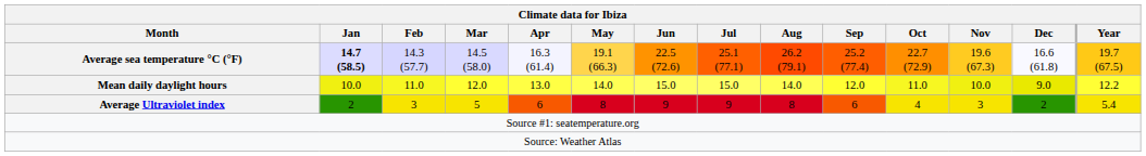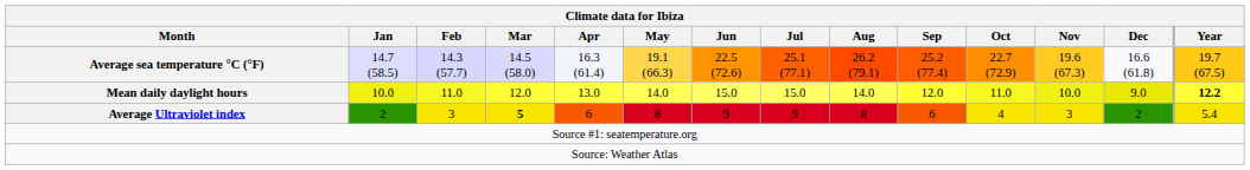 <table style="width:100%;text-align:center;line-height:1.2em;margin-left:auto;margin-right:auto" class="wikitable mw-collapsible">
 <tr>
 <th Colspan=14>Climate data for Ibiza</th>
 </tr>
 <tr>
 <th>Month</th>
 <th>Jan</th>
 <th>Feb</th>
 <th>Mar</th>
 <th>Apr</th>
 <th>May</th>
 <th>Jun</th>
 <th>Jul</th>
 <th>Aug</th>
 <th>Sep</th>
 <th>Oct</th>
 <th>Nov</th>
 <th>Dec</th>
 <th style="border-left-width:medium">Year</th>
 </tr>
 <tr>
 <th>Average sea temperature °C (°F)</th>
-<td style="background:#DCDCFF;color:#000000;"><strong>14.7<br>(58.5)</strong></td>
+<td style="background:#DCDCFF;color:#000000;">14.7<br>(58.5)</td>
 <td style="background:#D6D6FF;color:#000000;">14.3<br>(57.7)</td>
 <td style="background:#D9D9FF;color:#000000;">14.5<br>(58.0)</td>
 <td style="background:#F4F4FF;color:#000000;">16.3<br>(61.4)</td>
 <td style="background:#FFD54C;color:#000000;">19.1<br>(66.3)</td>
 <td style="background:#FF9300;color:#000000;">22.5<br>(72.6)</td>
 <td style="background:#FF6000;color:#000000;">25.1<br>(77.1)</td>
 <td style="background:#FF4A00;color:#000000;">26.2<br>(79.1)</td>
 <td style="background:#FF5E00;color:#000000;">25.2<br>(77.4)</td>
 <td style="background:#FF8F00;color:#000000;">22.7<br>(72.9)</td>
 <td style="background:#FFCB21;color:#000000;">19.6<br>(67.3)</td>
 <td style="background:#F9F9FF;color:#000000;">16.6<br>(61.8)</td>
 <td style="background:#FFC916;color:#000000;border-left-width:medium">19.7<br>(67.5)</td>
 </tr>
 <tr>
 <th>Mean daily daylight hours</th>
 <td style="background:#F0F011;color:#000000;">10.0</td>
 <td style="background:#F7F722;color:#000000;">11.0</td>
 <td style="background:#FFFF33;color:#000000;">12.0</td>
 <td style="background:#FFFF44;color:#000000;">13.0</td>
 <td style="background:#FFFF55;color:#000000;">14.0</td>
 <td style="background:#FFFF66;color:#000000;">15.0</td>
 <td style="background:#FFFF66;color:#000000;">15.0</td>
 <td style="background:#FFFF55;color:#000000;">14.0</td>
 <td style="background:#FFFF33;color:#000000;">12.0</td>
 <td style="background:#F7F722;color:#000000;">11.0</td>
 <td style="background:#F0F011;color:#000000;">10.0</td>
 <td style="background:#E9E900;color:#000000;">9.0</td>
-<td style="background:#FFFF35;color:#000000;border-left-width:medium">12.2</td>
+<td style="background:#FFFF35;color:#000000;border-left-width:medium"><strong>12.2</strong></td>
 </tr>
 <tr>
 <th>Average <a href='#'>Ultraviolet index</a></th>
 <td style="background:#289500;color:#000000;">2</td>
 <td style="background:#f7e400;color:#000000;">3</td>
-<td style="background:#f7e400;color:#000000;">5</td>
+<td style="background:#f7e400;color:#000000;"><strong>5</strong></td>
 <td style="background:#f85900;color:#000000;">6</td>
 <td style="background:#d8001d;color:#000000;">8</td>
 <td style="background:#d8001d;color:#000000;">9</td>
 <td style="background:#d8001d;color:#000000;">9</td>
 <td style="background:#d8001d;color:#000000;">8</td>
 <td style="background:#f85900;color:#000000;">6</td>
 <td style="background:#f7e400;color:#000000;">4</td>
 <td style="background:#f7e400;color:#000000;">3</td>
 <td style="background:#289500;color:#000000;">2</td>
 <td style="background:#f7e400;color:#000000;border-left-width:medium">5.4</td>
 </tr>
 <tr>
 <th Colspan=14 style="background:#f8f9fa;font-weight:normal;font-size:95%;">Source #1: seatemperature.org</th>
 </tr>
 <tr>
 <th Colspan=14 style="background:#f8f9fa;font-weight:normal;font-size:95%;">Source: Weather Atlas</th>
 </tr>
 </table>
